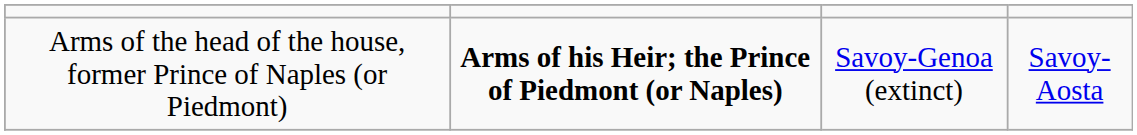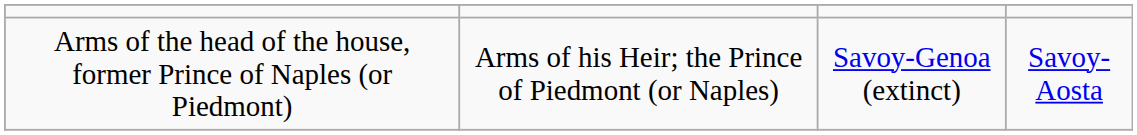 <table class="wikitable" style="margin:1em auto; text-align:center;">
 <tr>
 <td></td>
 <td></td>
 <td></td>
 <td></td>
 </tr>
 <tr>
 <td>Arms of the head of the house, former Prince of Naples (or Piedmont)</td>
-<td><strong>Arms of his Heir; the Prince of Piedmont (or Naples)</strong></td>
+<td>Arms of his Heir; the Prince of Piedmont (or Naples)</td>
 <td><a href='#'>Savoy-Genoa</a> (extinct)</td>
 <td><a href='#'>Savoy-Aosta</a><br></td>
 </tr>
 </table>
